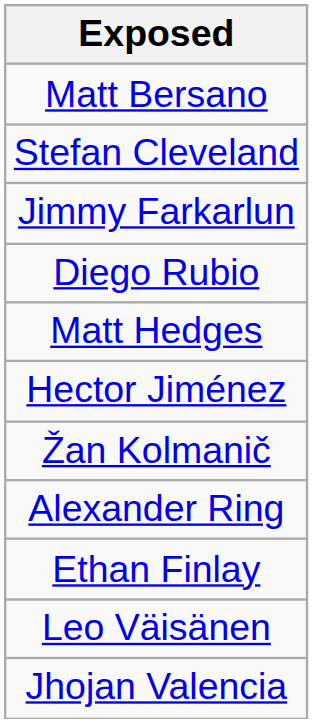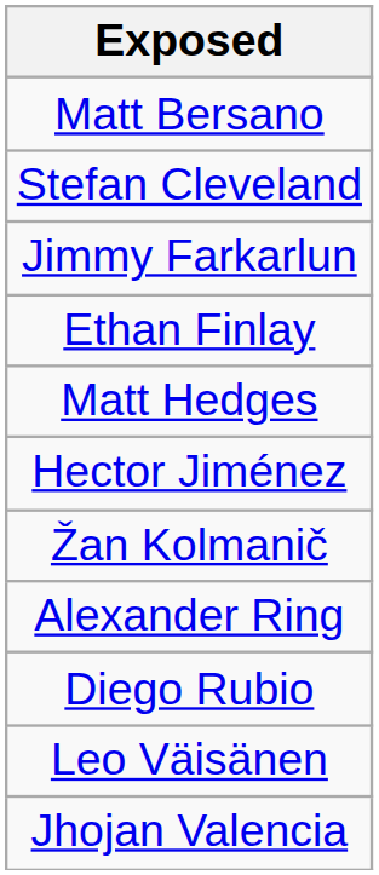 <table class="wikitable" style="text-align:center">
 <tr>
 <th>Exposed</th>
 </tr>
 <tr>
 <td><a href='#'>Matt Bersano</a></td>
 </tr>
 <tr>
 <td><a href='#'>Stefan Cleveland</a></td>
 </tr>
 <tr>
 <td><a href='#'>Jimmy Farkarlun</a></td>
 </tr>
 <tr>
-<td><a href='#'>Diego Rubio</a></td>
+<td><a href='#'>Ethan Finlay</a></td>
 </tr>
 <tr>
 <td><a href='#'>Matt Hedges</a></td>
 </tr>
 <tr>
 <td><a href='#'>Hector Jiménez</a></td>
 </tr>
 <tr>
 <td><a href='#'>Žan Kolmanič</a></td>
 </tr>
 <tr>
 <td><a href='#'>Alexander Ring</a></td>
 </tr>
 <tr>
-<td><a href='#'>Ethan Finlay</a></td>
+<td><a href='#'>Diego Rubio</a></td>
 </tr>
 <tr>
 <td><a href='#'>Leo Väisänen</a></td>
 </tr>
 <tr>
 <td><a href='#'>Jhojan Valencia</a></td>
 </tr>
 </table>
